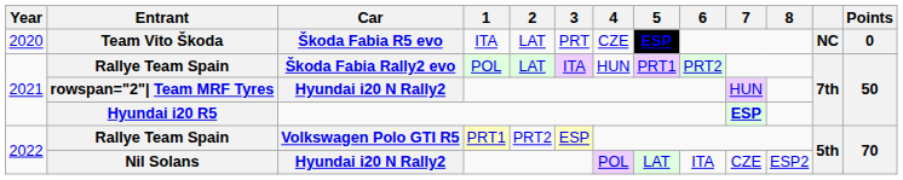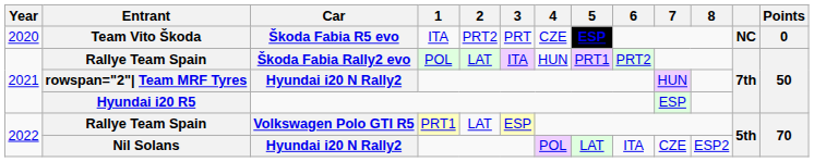 <table class="wikitable" style="text-align:center; font-size:85%">
 <tr>
 <th>Year</th>
 <th>Entrant</th>
 <th>Car</th>
 <th>1</th>
 <th>2</th>
 <th>3</th>
 <th>4</th>
 <th>5</th>
 <th>6</th>
 <th>7</th>
 <th>8</th>
 <th></th>
 <th>Points</th>
 </tr>
 <tr>
 <td><a href='#'>2020</a></td>
 <th nowrap>Team Vito Škoda</th>
 <th nowrap><a href='#'>Škoda Fabia R5 evo</a></th>
 <td><a href='#'>ITA</a></td>
-<td><a href='#'>LAT</a></td>
+<td><a href='#'>PRT2</a></td>
 <td><a href='#'>PRT</a></td>
 <td><a href='#'>CZE</a></td>
 <td style="background:#000; color:white;"><strong><a href='#'><span>ESP</span></a><br></strong></td>
 <td colspan=3></td>
 <th>NC</th>
 <th>0</th>
 </tr>
 <tr>
 <td rowspan="3"><a href='#'>2021</a></td>
 <th nowrap>Rallye Team Spain</th>
 <th nowrap><a href='#'>Škoda Fabia Rally2 evo</a></th>
 <td style="background:#DFFFDF;"><a href='#'>POL</a><br></td>
 <td style="background:#DFFFDF;"><a href='#'>LAT</a><br></td>
 <td style="background:#efcfff;"><a href='#'>ITA</a><br></td>
 <td><a href='#'>HUN</a></td>
 <td style="background:#efcfff;"><a href='#'>PRT1</a><br></td>
 <td style="background:#DFFFDF;"><a href='#'>PRT2</a><br></td>
 <td colspan=2></td>
 <th rowspan="3">7th</th>
 <th rowspan="3">50</th>
 </tr>
 <tr>
 <th nowrap>rowspan="2"| <a href='#'>Team MRF Tyres</a></th>
 <th nowrap><a href='#'>Hyundai i20 N Rally2</a></th>
 <td colspan=6></td>
 <td style="background:#efcfff;"><a href='#'>HUN</a><br></td>
 <td></td>
 </tr>
 <tr>
 <th nowrap><a href='#'>Hyundai i20 R5</a></th>
 <td colspan=7></td>
-<td style="background:#DFFFDF;"><strong><a href='#'>ESP</a><br></strong></td>
+<td style="background:#DFFFDF;"><a href='#'>ESP</a><br></td>
 </tr>
 <tr>
 <td rowspan="2"><a href='#'>2022</a></td>
 <th nowrap>Rallye Team Spain</th>
 <th nowrap><a href='#'>Volkswagen Polo GTI R5</a></th>
 <td style="background:#ffffbf;"><a href='#'>PRT1</a><br></td>
-<td><a href='#'>PRT2</a></td>
+<td><a href='#'>LAT</a></td>
 <td style="background:#ffffbf;"><a href='#'>ESP</a><br></td>
 <td colspan=5></td>
 <th rowspan="2">5th</th>
 <th rowspan="2">70</th>
 </tr>
 <tr>
 <th nowrap>Nil Solans</th>
 <th nowrap><a href='#'>Hyundai i20 N Rally2</a></th>
 <td colspan=3></td>
 <td style="background:#efcfff;"><a href='#'>POL</a><br></td>
 <td style="background:#DFFFDF;"><a href='#'>LAT</a><br></td>
 <td><a href='#'>ITA</a><br></td>
 <td><a href='#'>CZE</a></td>
 <td><a href='#'>ESP2</a></td>
 </tr>
 </table>
